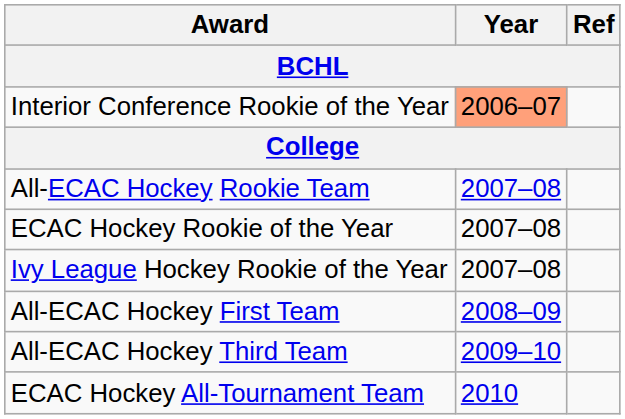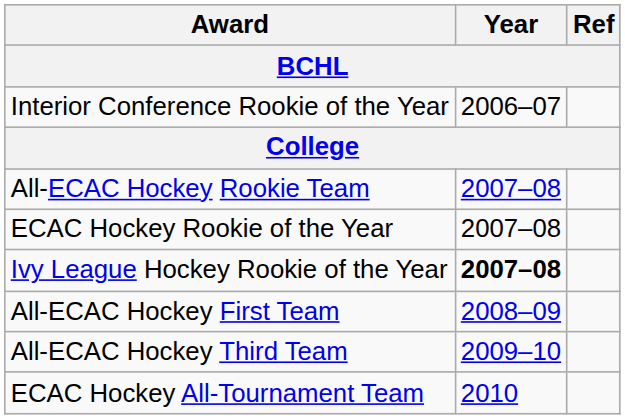 <table class="wikitable">
 <tr>
 <th>Award</th>
 <th>Year</th>
 <th>Ref</th>
 </tr>
 <tr>
 <th colspan="3"><a href='#'>BCHL</a></th>
 </tr>
 <tr>
 <td>Interior Conference Rookie of the Year</td>
-<td style="background: lightsalmon;">2006–07</td>
+<td>2006–07</td>
 <td></td>
 </tr>
 <tr>
 <th colspan="3"><a href='#'>College</a></th>
 </tr>
 <tr>
 <td>All-<a href='#'>ECAC Hockey</a> <a href='#'>Rookie Team</a></td>
 <td><a href='#'>2007–08</a></td>
 <td></td>
 </tr>
 <tr>
 <td>ECAC Hockey Rookie of the Year</td>
 <td>2007–08</td>
 <td></td>
 </tr>
 <tr>
 <td><a href='#'>Ivy League</a> Hockey Rookie of the Year</td>
-<td>2007–08</td>
+<td><strong>2007–08</strong></td>
 <td></td>
 </tr>
 <tr>
 <td>All-ECAC Hockey <a href='#'>First Team</a></td>
 <td><a href='#'>2008–09</a></td>
 <td></td>
 </tr>
 <tr>
 <td>All-ECAC Hockey <a href='#'>Third Team</a></td>
 <td><a href='#'>2009–10</a></td>
 <td></td>
 </tr>
 <tr>
 <td>ECAC Hockey <a href='#'>All-Tournament Team</a></td>
 <td><a href='#'>2010</a></td>
 <td></td>
 </tr>
 </table>
